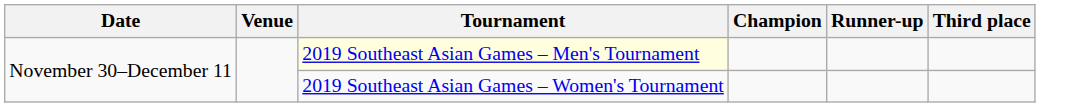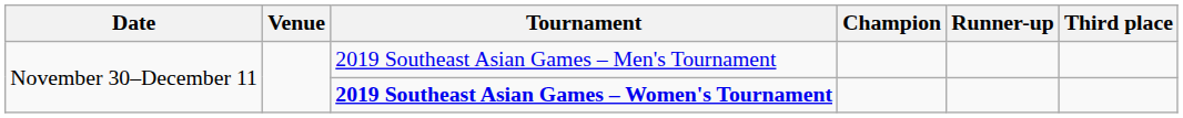 <table class="wikitable" style="font-size:90%">
 <tr>
 <th>Date</th>
 <th>Venue</th>
 <th>Tournament</th>
 <th> Champion</th>
 <th> Runner-up</th>
 <th> Third place</th>
 </tr>
 <tr>
 <td rowspan="2">November 30–December 11</td>
 <td rowspan="2"></td>
-<td style="background: lightyellow;"><a href='#'>2019 Southeast Asian Games – Men's Tournament</a></td>
+<td><a href='#'>2019 Southeast Asian Games – Men's Tournament</a></td>
 <td><strong></strong></td>
 <td></td>
 <td></td>
 </tr>
 <tr>
-<td><a href='#'>2019 Southeast Asian Games – Women's Tournament</a></td>
+<td><strong><a href='#'>2019 Southeast Asian Games – Women's Tournament</a></strong></td>
 <td><strong></strong></td>
 <td></td>
 <td></td>
 </tr>
 </table>
